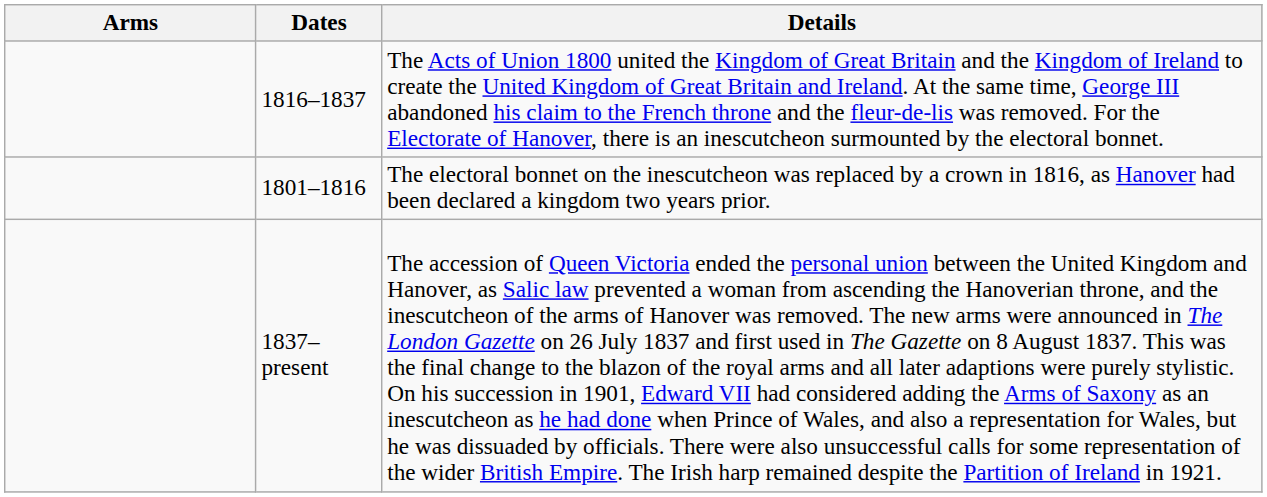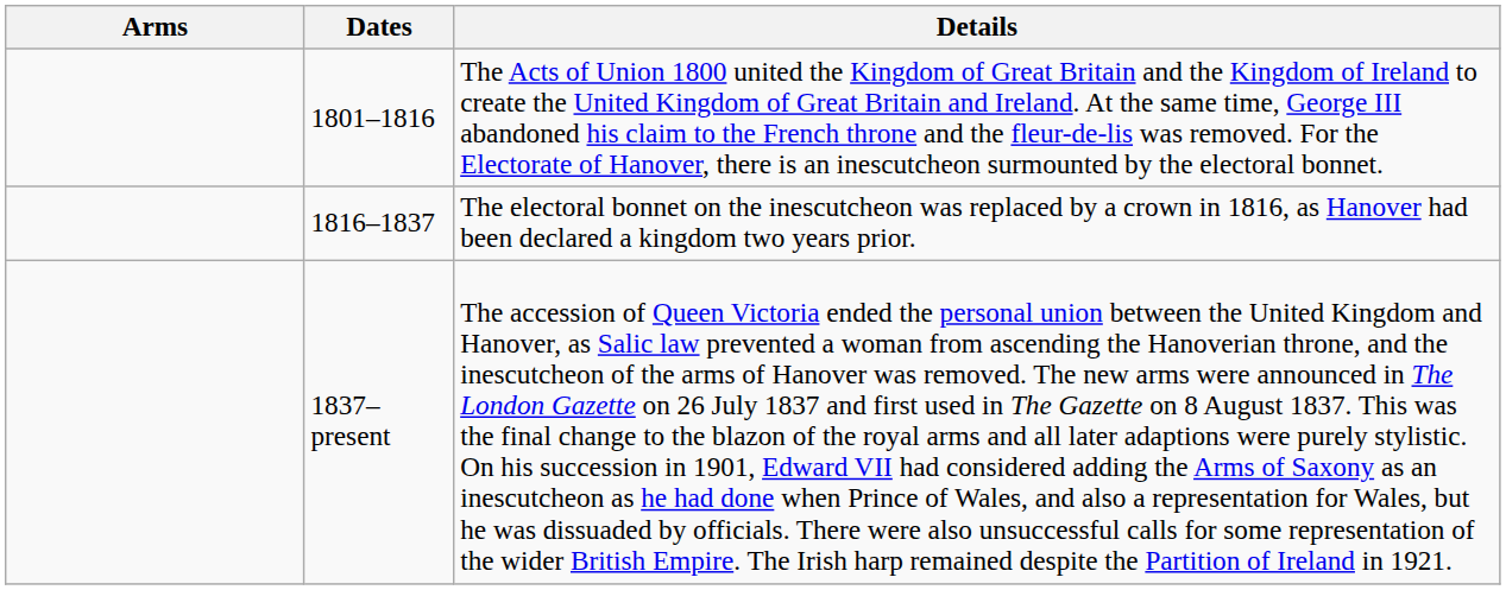 <table class="wikitable">
 <tr>
 <th style="width:20%;">Arms</th>
 <th style="width:10%;">Dates</th>
 <th style="width:70%;">Details</th>
 </tr>
 <tr>
 <td><div> </div></td>
-<td>1816–1837</td>
+<td>1801–1816</td>
 <td>The <a href='#'>Acts of Union 1800</a> united the <a href='#'>Kingdom of Great Britain</a> and the <a href='#'>Kingdom of Ireland</a> to create the <a href='#'>United Kingdom of Great Britain and Ireland</a>. At the same time, <a href='#'>George III</a> abandoned <a href='#'>his claim to the French throne</a> and the <a href='#'>fleur-de-lis</a> was removed. For the <a href='#'>Electorate of Hanover</a>, there is an inescutcheon surmounted by the electoral bonnet.</td>
 </tr>
 <tr>
 <td><div> </div></td>
-<td>1801–1816</td>
+<td>1816–1837</td>
 <td>The electoral bonnet on the inescutcheon was replaced by a crown in 1816, as <a href='#'>Hanover</a> had been declared a kingdom two years prior.</td>
 </tr>
 <tr>
 <td><div> </div></td>
 <td>1837–present</td>
 <td><br>The accession of <a href='#'>Queen Victoria</a> ended the <a href='#'>personal union</a> between the United Kingdom and Hanover, as <a href='#'>Salic law</a> prevented a woman from ascending the Hanoverian throne, and the inescutcheon of the arms of Hanover was removed. The new arms were announced in <em><a href='#'>The London Gazette</a></em> on 26 July 1837 and first used in <em>The Gazette</em> on 8 August 1837. This was the final change to the blazon of the royal arms and all later adaptions were purely stylistic.<br>On his succession in 1901, <a href='#'>Edward VII</a> had considered adding the <a href='#'>Arms of Saxony</a> as an inescutcheon as <a href='#'>he had done</a> when Prince of Wales, and also a representation for Wales, but he was dissuaded by officials. There were also unsuccessful calls for some representation of the wider <a href='#'>British Empire</a>. The Irish harp remained despite the <a href='#'>Partition of Ireland</a> in 1921.</td>
 </tr>
 </table>
